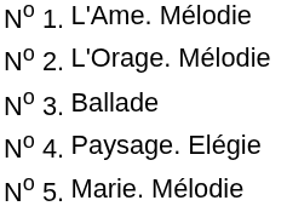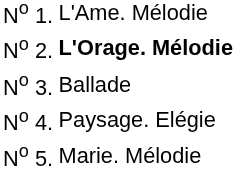 <table>
 <tr>
 <td>N<sup>o</sup> 1.</td>
 <td>L'Ame. Mélodie</td>
 </tr>
 <tr>
 <td>N<sup>o</sup> 2.</td>
-<td>L'Orage. Mélodie</td>
+<td><strong>L'Orage. Mélodie</strong></td>
 </tr>
 <tr>
 <td>N<sup>o</sup> 3.</td>
 <td>Ballade</td>
 </tr>
 <tr>
 <td>N<sup>o</sup> 4.</td>
 <td>Paysage. Elégie</td>
 </tr>
 <tr>
 <td>N<sup>o</sup> 5.</td>
 <td>Marie. Mélodie</td>
 </tr>
 </table>
